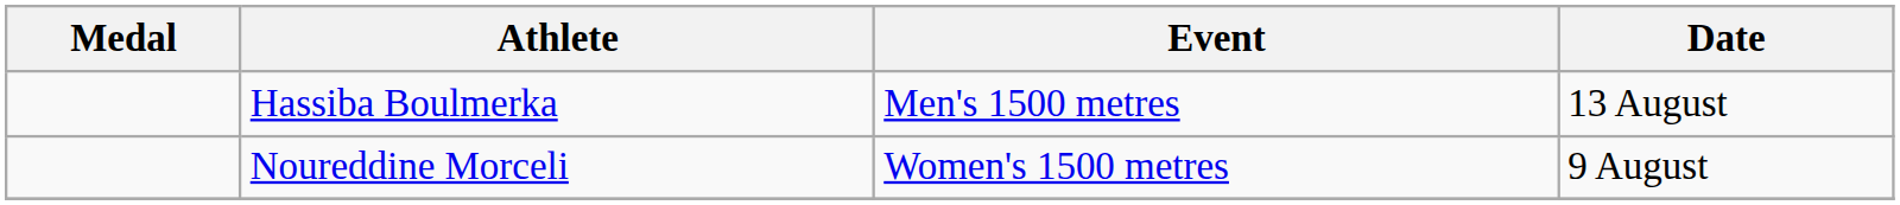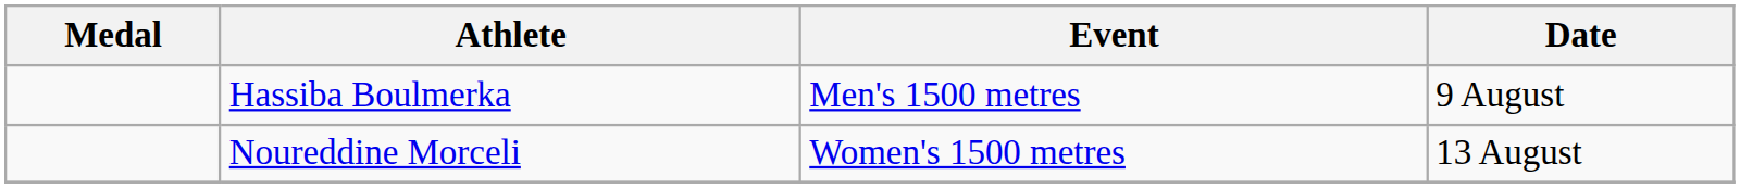 <table class=wikitable style=font-size:90% width=55%>
 <tr>
 <th>Medal</th>
 <th>Athlete</th>
 <th>Event</th>
 <th>Date</th>
 </tr>
 <tr>
 <td></td>
 <td><a href='#'>Hassiba Boulmerka</a></td>
 <td><a href='#'>Men's 1500 metres</a></td>
-<td>13 August</td>
+<td>9 August</td>
 </tr>
 <tr>
 <td></td>
 <td><a href='#'>Noureddine Morceli</a></td>
 <td><a href='#'>Women's 1500 metres</a></td>
-<td>9 August</td>
+<td>13 August</td>
 </tr>
 <tr>
 </tr>
 </table>
